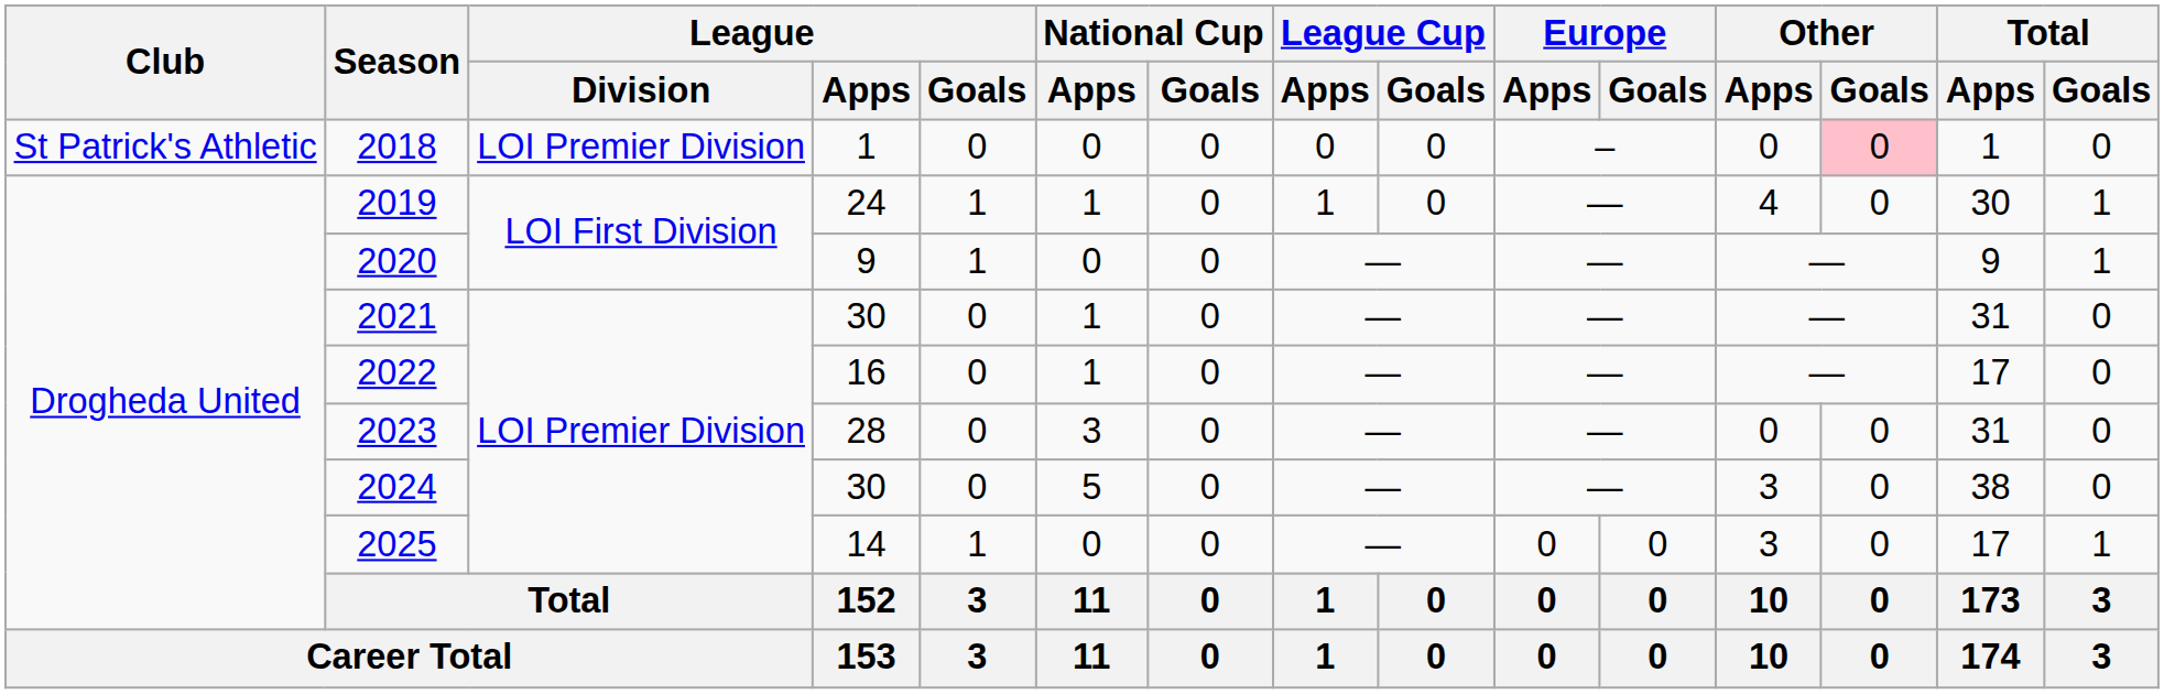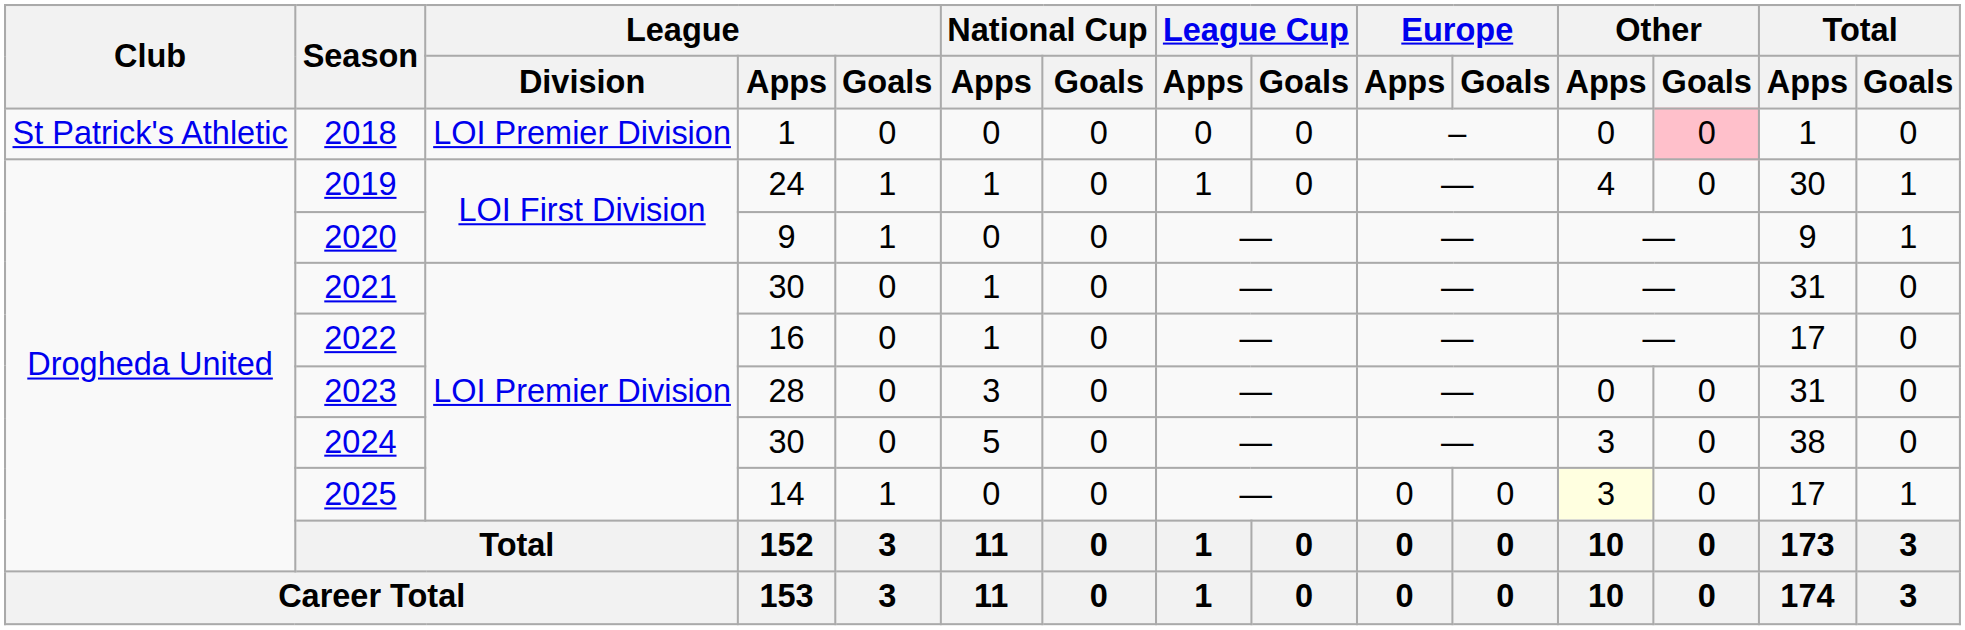 <table class=wikitable style="text-align: center">
 <tr>
 <th rowspan=2>Club</th>
 <th rowspan=2>Season</th>
 <th colspan=3>League</th>
 <th colspan=2>National Cup</th>
 <th colspan=2><a href='#'>League Cup</a></th>
 <th colspan=2><a href='#'>Europe</a></th>
 <th colspan=2>Other</th>
 <th colspan=2>Total</th>
 </tr>
 <tr>
 <th>Division</th>
 <th>Apps</th>
 <th>Goals</th>
 <th>Apps</th>
 <th>Goals</th>
 <th>Apps</th>
 <th>Goals</th>
 <th>Apps</th>
 <th>Goals</th>
 <th>Apps</th>
 <th>Goals</th>
 <th>Apps</th>
 <th>Goals</th>
 </tr>
 <tr>
 <td><a href='#'>St Patrick's Athletic</a></td>
 <td><a href='#'>2018</a></td>
 <td><a href='#'>LOI Premier Division</a></td>
 <td>1</td>
 <td>0</td>
 <td>0</td>
 <td>0</td>
 <td>0</td>
 <td>0</td>
 <td colspan="2">–</td>
 <td>0</td>
 <td style="background: pink;">0</td>
 <td>1</td>
 <td>0</td>
 </tr>
 <tr>
 <td rowspan="8"><a href='#'>Drogheda United</a></td>
 <td><a href='#'>2019</a></td>
 <td rowspan="2"><a href='#'>LOI First Division</a></td>
 <td>24</td>
 <td>1</td>
 <td>1</td>
 <td>0</td>
 <td>1</td>
 <td>0</td>
 <td colspan="2">—</td>
 <td>4</td>
 <td>0</td>
 <td>30</td>
 <td>1</td>
 </tr>
 <tr>
 <td><a href='#'>2020</a></td>
 <td>9</td>
 <td>1</td>
 <td>0</td>
 <td>0</td>
 <td colspan="2">—</td>
 <td colspan="2">—</td>
 <td colspan="2">—</td>
 <td>9</td>
 <td>1</td>
 </tr>
 <tr>
 <td><a href='#'>2021</a></td>
 <td rowspan="5"><a href='#'>LOI Premier Division</a></td>
 <td>30</td>
 <td>0</td>
 <td>1</td>
 <td>0</td>
 <td colspan="2">—</td>
 <td colspan="2">—</td>
 <td colspan="2">—</td>
 <td>31</td>
 <td>0</td>
 </tr>
 <tr>
 <td><a href='#'>2022</a></td>
 <td>16</td>
 <td>0</td>
 <td>1</td>
 <td>0</td>
 <td colspan="2">—</td>
 <td colspan="2">—</td>
 <td colspan="2">—</td>
 <td>17</td>
 <td>0</td>
 </tr>
 <tr>
 <td><a href='#'>2023</a></td>
 <td>28</td>
 <td>0</td>
 <td>3</td>
 <td>0</td>
 <td colspan="2">—</td>
 <td colspan="2">—</td>
 <td>0</td>
 <td>0</td>
 <td>31</td>
 <td>0</td>
 </tr>
 <tr>
 <td><a href='#'>2024</a></td>
 <td>30</td>
 <td>0</td>
 <td>5</td>
 <td>0</td>
 <td colspan="2">—</td>
 <td colspan="2">—</td>
 <td>3</td>
 <td>0</td>
 <td>38</td>
 <td>0</td>
 </tr>
 <tr>
 <td><a href='#'>2025</a></td>
 <td>14</td>
 <td>1</td>
 <td>0</td>
 <td>0</td>
 <td colspan="2">—</td>
 <td>0</td>
 <td>0</td>
-<td>3</td>
+<td style="background: lightyellow;">3</td>
 <td>0</td>
 <td>17</td>
 <td>1</td>
 </tr>
 <tr>
 <th colspan="2">Total</th>
 <th>152</th>
 <th>3</th>
 <th>11</th>
 <th>0</th>
 <th>1</th>
 <th>0</th>
 <th>0</th>
 <th>0</th>
 <th>10</th>
 <th>0</th>
 <th>173</th>
 <th>3</th>
 </tr>
 <tr>
 <th colspan="3">Career Total</th>
 <th>153</th>
 <th>3</th>
 <th>11</th>
 <th>0</th>
 <th>1</th>
 <th>0</th>
 <th>0</th>
 <th>0</th>
 <th>10</th>
 <th>0</th>
 <th>174</th>
 <th>3</th>
 </tr>
 </table>
